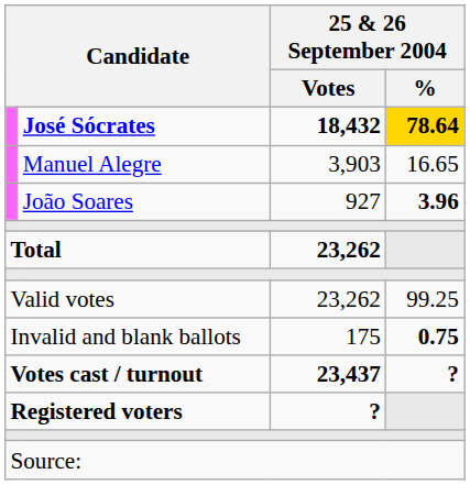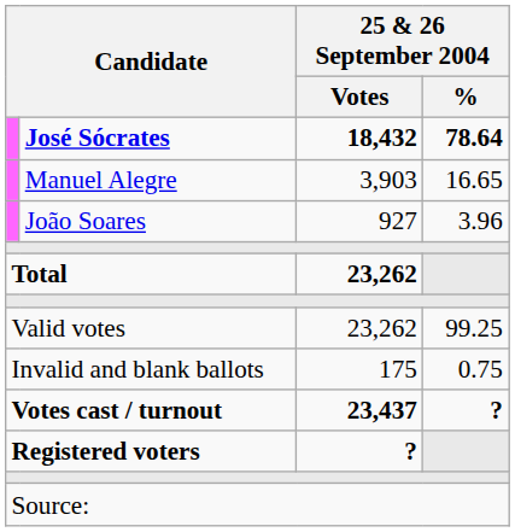 <table class="wikitable" style="text-align:right; font-size:97%;">
 <tr>
 <th colspan="2" rowspan="2" width="170">Candidate</th>
 <th colspan="2">25 & 26 September 2004</th>
 </tr>
 <tr>
 <th width="70">Votes</th>
 <th width="45">%</th>
 </tr>
 <tr>
 <td style="color:inherit;background:#ff66ff"></td>
 <td align="left"><strong><a href='#'>José Sócrates</a></strong></td>
 <td><strong>18,432</strong></td>
-<td style="background: gold;"><strong>78.64</strong></td>
+<td><strong>78.64</strong></td>
 </tr>
 <tr>
 <td width="1" style="color:inherit;background:#ff66ff"></td>
 <td align="left"><a href='#'>Manuel Alegre</a></td>
 <td>3,903</td>
 <td>16.65</td>
 </tr>
 <tr>
 <td width="1" style="color:inherit;background:#ff66ff"></td>
 <td align="left"><a href='#'>João Soares</a></td>
 <td>927</td>
-<td><strong>3.96</strong></td>
+<td>3.96</td>
 </tr>
 <tr>
 <td colspan="4" bgcolor="#E9E9E9"></td>
 </tr>
 <tr style="font-weight:bold;">
 <td align="left" colspan="2">Total</td>
 <td>23,262</td>
 <td bgcolor="#E9E9E9"></td>
 </tr>
 <tr>
 <td colspan="4" bgcolor="#E9E9E9"></td>
 </tr>
 <tr>
 <td align="left" colspan="2">Valid votes</td>
 <td>23,262</td>
 <td>99.25</td>
 </tr>
 <tr>
 <td align="left" colspan="2">Invalid and blank ballots</td>
 <td>175</td>
-<td><strong>0.75</strong></td>
+<td>0.75</td>
 </tr>
 <tr style="font-weight:bold;">
 <td align="left" colspan="2">Votes cast / turnout</td>
 <td>23,437</td>
 <td>?</td>
 </tr>
 <tr style="font-weight:bold;">
 <td align="left" colspan="2">Registered voters</td>
 <td>?</td>
 <td bgcolor="#E9E9E9"></td>
 </tr>
 <tr>
 <td colspan="4" bgcolor="#E9E9E9"></td>
 </tr>
 <tr>
 <td align="left" colspan="6">Source:</td>
 </tr>
 </table>
